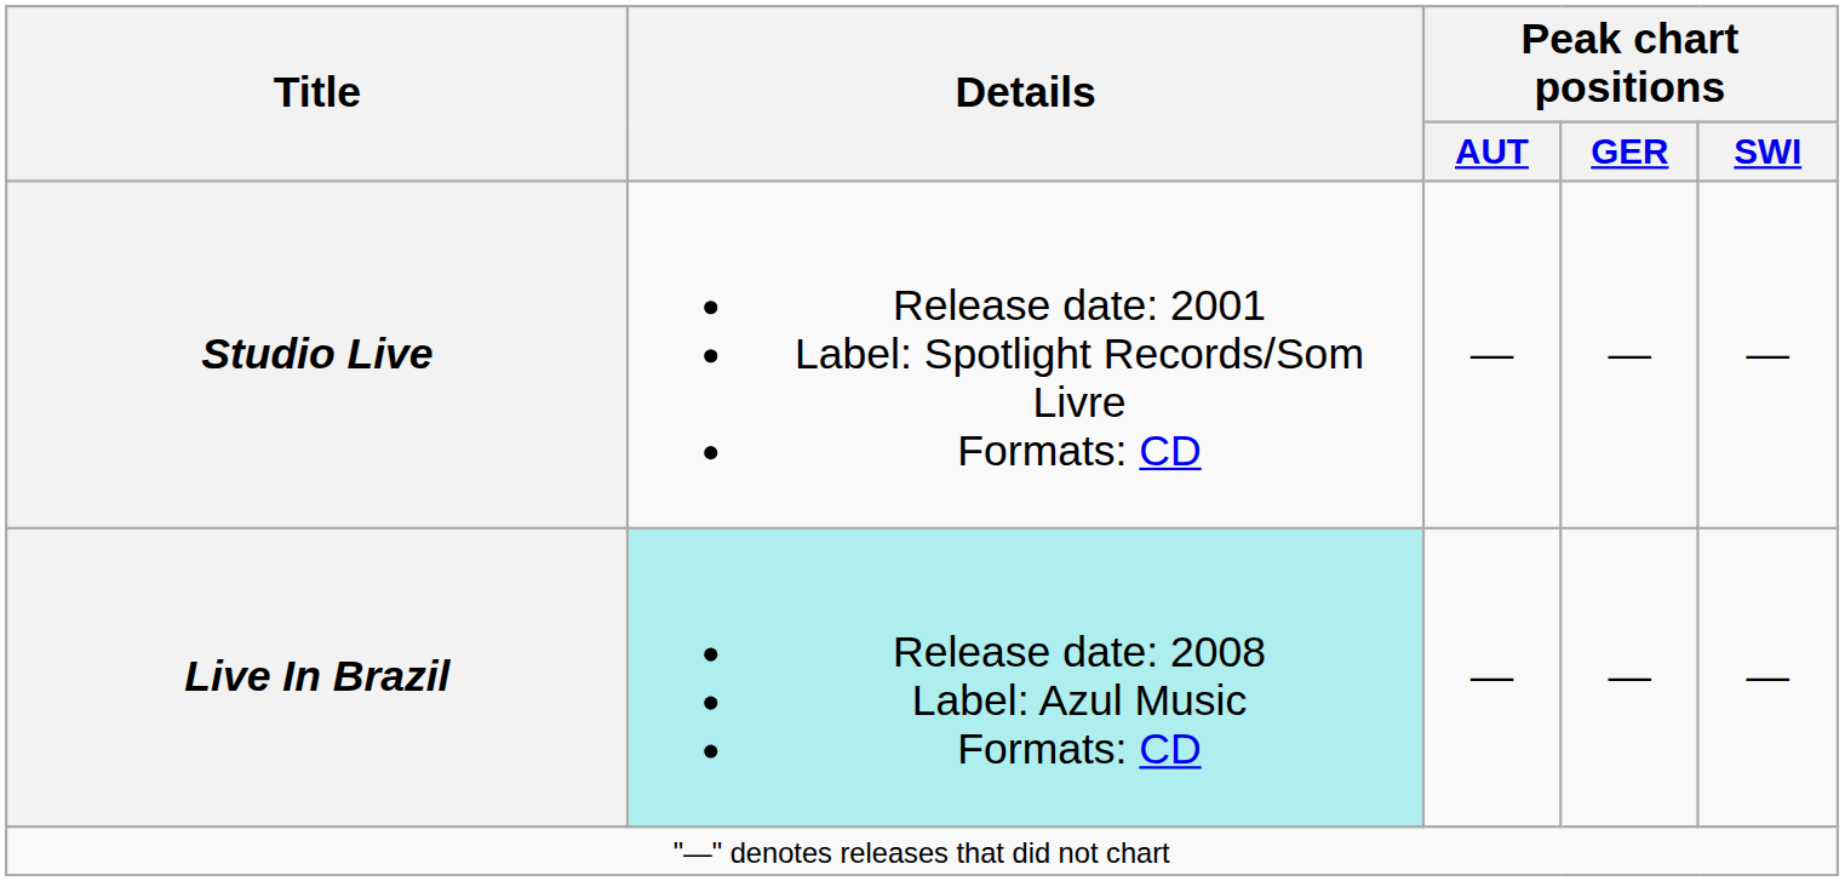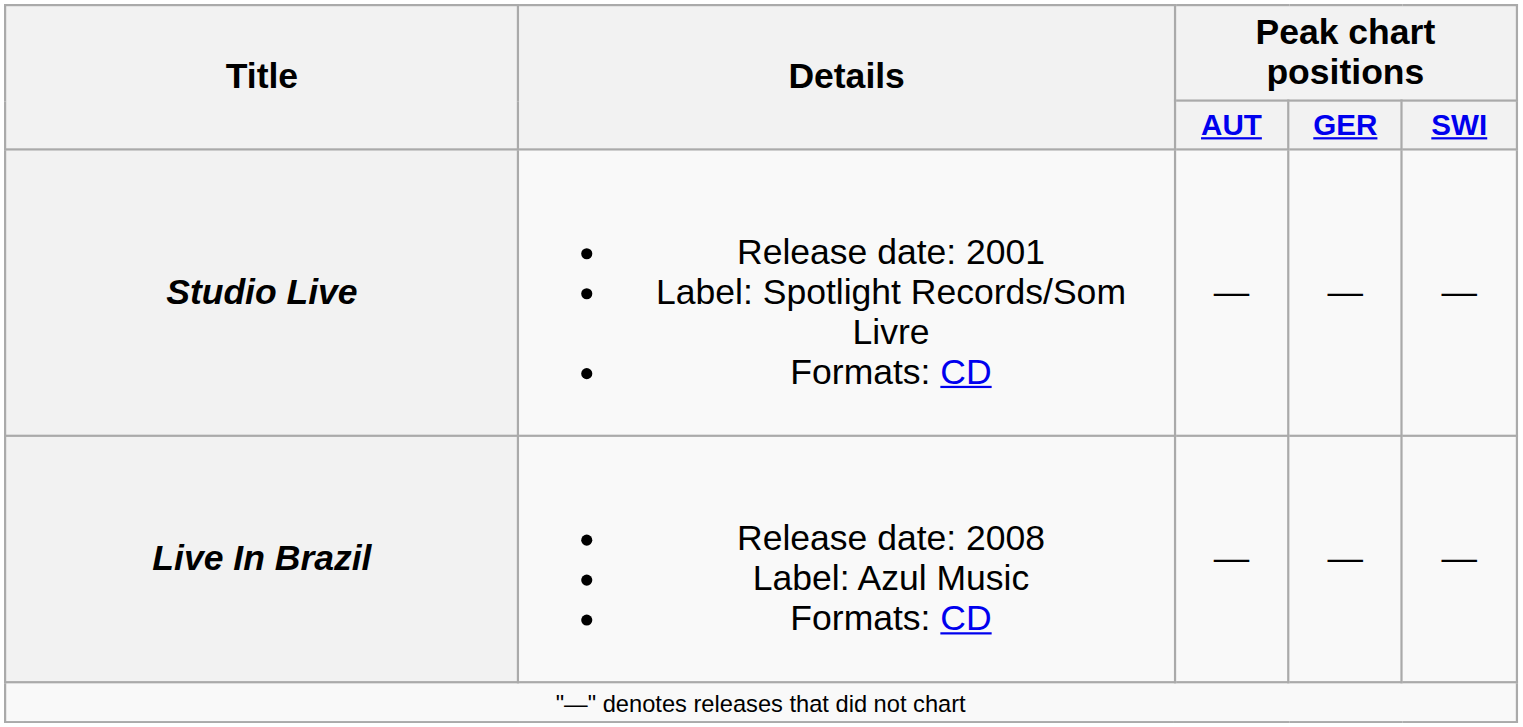 <table class="wikitable plainrowheaders" style="text-align:center;">
 <tr>
 <th rowspan="2" style="width:14em;">Title</th>
 <th rowspan="2" style="width:18em;">Details</th>
 <th colspan="3">Peak chart positions</th>
 </tr>
 <tr style="font-size:smaller;">
 <th style="width:45px;"><a href='#'>AUT</a></th>
 <th style="width:45px;"><a href='#'>GER</a></th>
 <th style="width:45px;"><a href='#'>SWI</a></th>
 </tr>
 <tr>
 <th scope="row"><em>Studio Live</em></th>
 <td><br><ul><li>Release date: 2001</li><li>Label: Spotlight Records/Som Livre</li><li>Formats: <a href='#'>CD</a></li></ul></td>
 <td>—</td>
 <td>—</td>
 <td>—</td>
 </tr>
 <tr>
 <th scope="row"><em>Live In Brazil</em></th>
-<td style="background: paleturquoise;"><br><ul><li>Release date: 2008</li><li>Label: Azul Music</li><li>Formats: <a href='#'>CD</a></li></ul></td>
+<td><br><ul><li>Release date: 2008</li><li>Label: Azul Music</li><li>Formats: <a href='#'>CD</a></li></ul></td>
 <td>—</td>
 <td>—</td>
 <td>—</td>
 </tr>
 <tr>
 <td colspan="15" style="font-size:8pt">"—" denotes releases that did not chart</td>
 </tr>
 </table>
